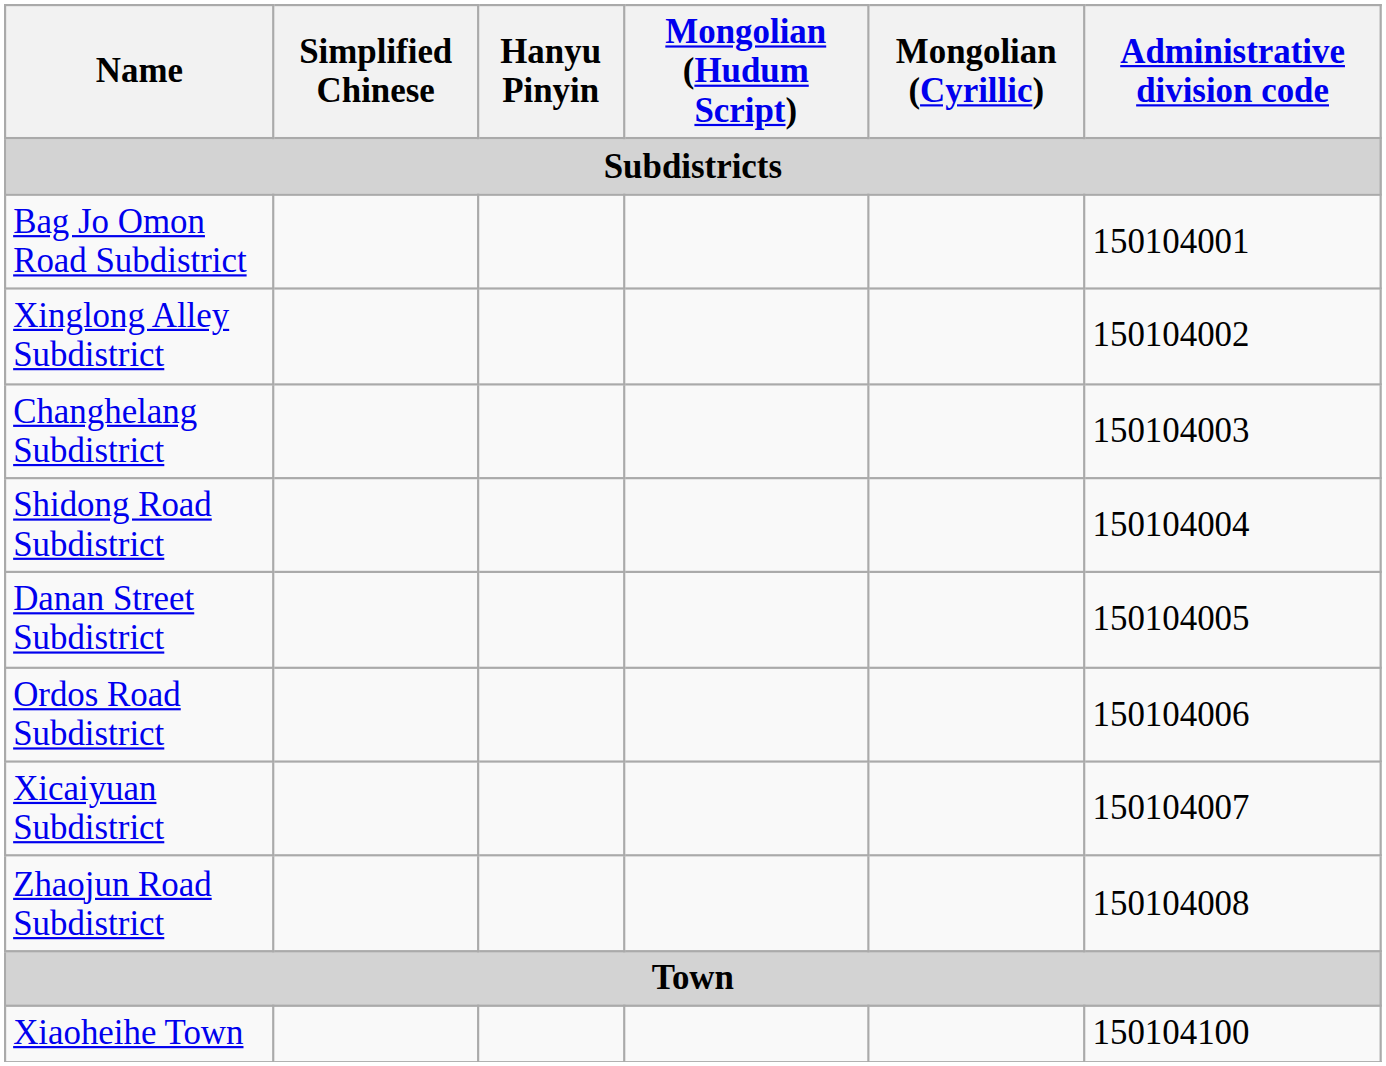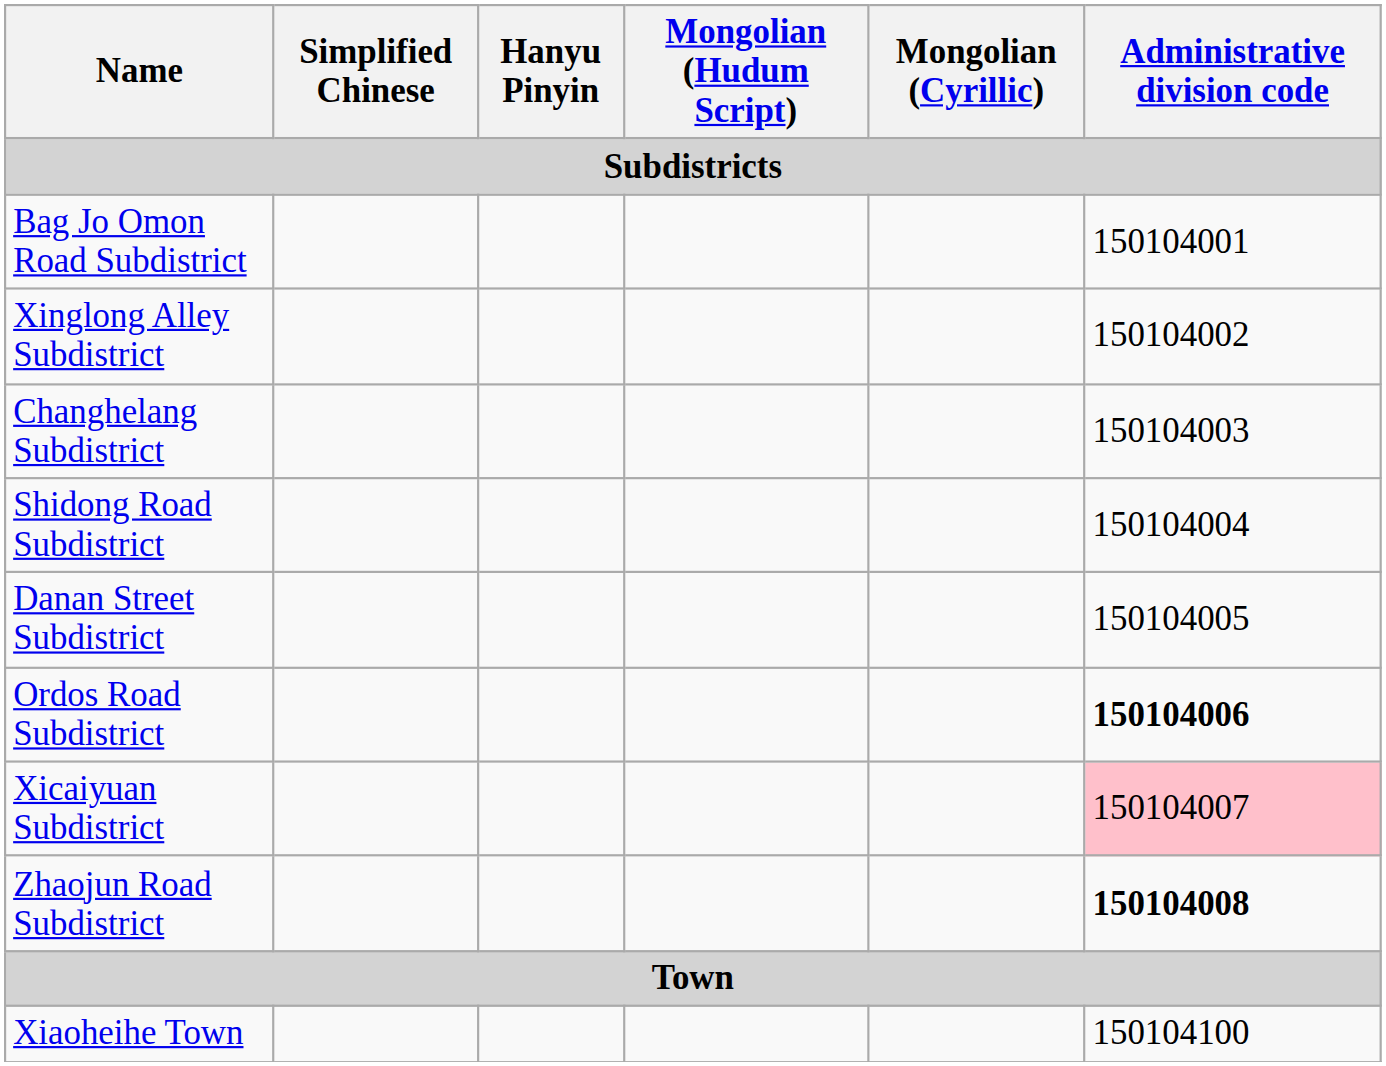 <table class="wikitable" align="center" style="width:50%; border="1">
 <tr>
 <th>Name</th>
 <th>Simplified Chinese</th>
 <th>Hanyu Pinyin</th>
 <th><a href='#'>Mongolian</a> (<a href='#'>Hudum Script</a>)</th>
 <th>Mongolian (<a href='#'>Cyrillic</a>)</th>
 <th><a href='#'>Administrative division code</a></th>
 </tr>
 <tr>
 <td colspan="6"  style="text-align:center; background:#d3d3d3;"><strong>Subdistricts</strong></td>
 </tr>
 <tr --------->
 <td><a href='#'>Bag Jo Omon Road Subdistrict</a></td>
 <td></td>
 <td></td>
 <td></td>
 <td></td>
 <td>150104001</td>
 </tr>
 <tr>
 <td><a href='#'>Xinglong Alley Subdistrict</a></td>
 <td></td>
 <td></td>
 <td></td>
 <td></td>
 <td>150104002</td>
 </tr>
 <tr>
 <td><a href='#'>Changhelang Subdistrict</a></td>
 <td></td>
 <td></td>
 <td></td>
 <td></td>
 <td>150104003</td>
 </tr>
 <tr>
 <td><a href='#'>Shidong Road Subdistrict</a></td>
 <td></td>
 <td></td>
 <td></td>
 <td></td>
 <td>150104004</td>
 </tr>
 <tr>
 <td><a href='#'>Danan Street Subdistrict</a></td>
 <td></td>
 <td></td>
 <td></td>
 <td></td>
 <td>150104005</td>
 </tr>
 <tr>
 <td><a href='#'>Ordos Road Subdistrict</a></td>
 <td></td>
 <td></td>
 <td></td>
 <td></td>
-<td>150104006</td>
+<td><strong>150104006</strong></td>
 </tr>
 <tr>
 <td><a href='#'>Xicaiyuan Subdistrict</a></td>
 <td></td>
 <td></td>
 <td></td>
 <td></td>
-<td>150104007</td>
+<td style="background: pink;">150104007</td>
 </tr>
 <tr>
 <td><a href='#'>Zhaojun Road Subdistrict</a></td>
 <td></td>
 <td></td>
 <td></td>
 <td></td>
-<td>150104008</td>
+<td><strong>150104008</strong></td>
 </tr>
 <tr>
 <td colspan="6"  style="text-align:center; background:#d3d3d3;"><strong>Town</strong></td>
 </tr>
 <tr --------->
 <td><a href='#'>Xiaoheihe Town</a></td>
 <td></td>
 <td></td>
 <td></td>
 <td></td>
 <td>150104100</td>
 </tr>
 <tr>
 </tr>
 </table>
